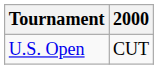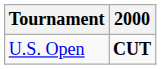 <table class="wikitable" style="font-size:95%;">
 <tr>
 <th>Tournament</th>
 <th>2000</th>
 </tr>
 <tr>
 <td><a href='#'>U.S. Open</a></td>
-<td align="center">CUT</td>
+<td align="center"><strong>CUT</strong></td>
 </tr>
 </table>
